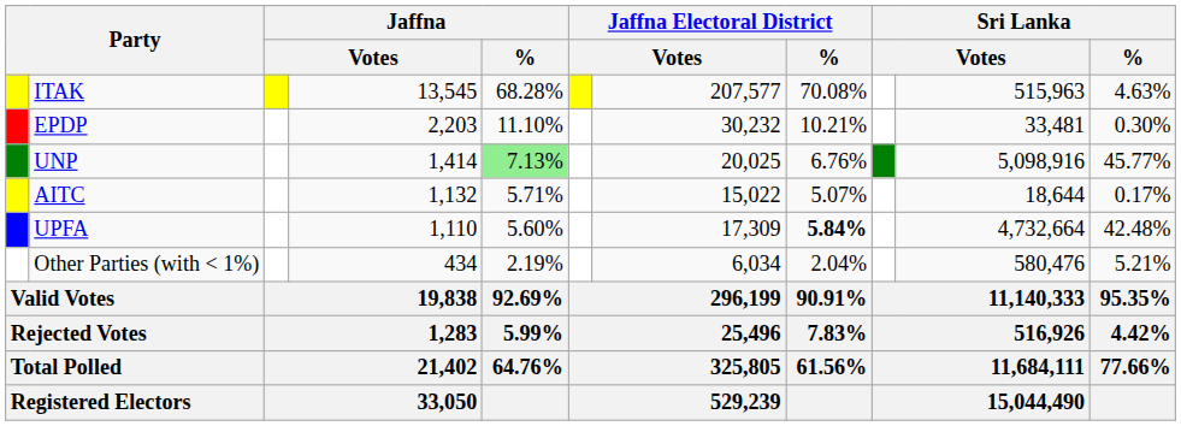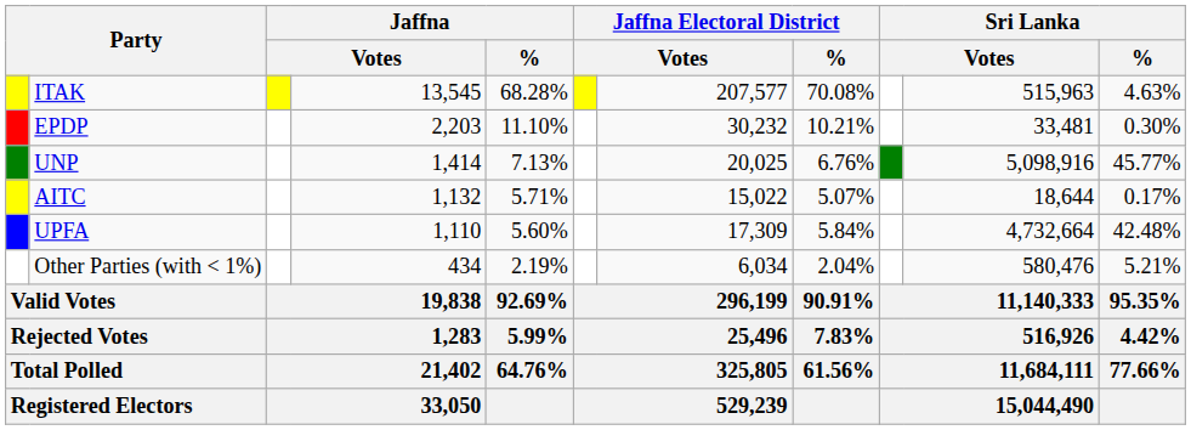 <table class="wikitable">
 <tr>
 <th colspan="2" width="144px"rowspan="2">Party</th>
 <th colspan="3" width="216px">Jaffna</th>
 <th colspan="3" width="216px"><a href='#'>Jaffna Electoral District</a></th>
 <th colspan="3" width="216px">Sri Lanka</th>
 </tr>
 <tr>
 <th colspan="2" width="144px">Votes</th>
 <th>%</th>
 <th colspan="2" width="144px">Votes</th>
 <th>%</th>
 <th colspan="2" width="144px">Votes</th>
 <th>%</th>
 </tr>
 <tr>
 <td style="background-color:yellow;" width="10px"></td>
 <td style="text-align:left;"><a href='#'>ITAK</a></td>
 <td style="background-color:yellow;" width="10px"></td>
 <td style="text-align:right;">13,545</td>
 <td style="text-align:right;">68.28%</td>
 <td style="background-color:yellow;" width="10px"></td>
 <td style="text-align:right;">207,577</td>
 <td style="text-align:right;">70.08%</td>
 <td style="background-color:white;" width="10px"></td>
 <td style="text-align:right;">515,963</td>
 <td style="text-align:right;">4.63%</td>
 </tr>
 <tr>
 <td style="background-color:red;" width="10px"></td>
 <td style="text-align:left;"><a href='#'>EPDP</a></td>
 <td style="background-color:white;" width="10px"></td>
 <td style="text-align:right;">2,203</td>
 <td style="text-align:right;">11.10%</td>
 <td style="background-color:white;" width="10px"></td>
 <td style="text-align:right;">30,232</td>
 <td style="text-align:right;">10.21%</td>
 <td style="background-color:white;" width="10px"></td>
 <td style="text-align:right;">33,481</td>
 <td style="text-align:right;">0.30%</td>
 </tr>
 <tr>
 <td style="background-color:green;" width="10px"></td>
 <td style="text-align:left;"><a href='#'>UNP</a></td>
 <td style="background-color:white;" width="10px"></td>
 <td style="text-align:right;">1,414</td>
-<td style="background: lightgreen; text-align:right;">7.13%</td>
+<td style="text-align:right;">7.13%</td>
 <td style="background-color:white;" width="10px"></td>
 <td style="text-align:right;">20,025</td>
 <td style="text-align:right;">6.76%</td>
 <td style="background-color:green;" width="10px"></td>
 <td style="text-align:right;">5,098,916</td>
 <td style="text-align:right;">45.77%</td>
 </tr>
 <tr>
 <td style="background-color:yellow;" width="10px"></td>
 <td style="text-align:left;"><a href='#'>AITC</a></td>
 <td style="background-color:white;" width="10px"></td>
 <td style="text-align:right;">1,132</td>
 <td style="text-align:right;">5.71%</td>
 <td style="background-color:white;" width="10px"></td>
 <td style="text-align:right;">15,022</td>
 <td style="text-align:right;">5.07%</td>
 <td style="background-color:white;" width="10px"></td>
 <td style="text-align:right;">18,644</td>
 <td style="text-align:right;">0.17%</td>
 </tr>
 <tr>
 <td style="background-color:blue;" width="10px"></td>
 <td style="text-align:left;"><a href='#'>UPFA</a></td>
 <td style="background-color:white;" width="10px"></td>
 <td style="text-align:right;">1,110</td>
 <td style="text-align:right;">5.60%</td>
 <td style="background-color:white;" width="10px"></td>
 <td style="text-align:right;">17,309</td>
-<td style="text-align:right;"><strong>5.84%</strong></td>
+<td style="text-align:right;">5.84%</td>
 <td style="background-color:white;" width="10px"></td>
 <td style="text-align:right;">4,732,664</td>
 <td style="text-align:right;">42.48%</td>
 </tr>
 <tr>
 <td style="background-color:white;" width="10px"></td>
 <td style="text-align:left;">Other Parties (with < 1%)</td>
 <td style="background-color:white;" width="10px"></td>
 <td style="text-align:right;">434</td>
 <td style="text-align:right;">2.19%</td>
 <td style="background-color:white;" width="10px"></td>
 <td style="text-align:right;">6,034</td>
 <td style="text-align:right;">2.04%</td>
 <td style="background-color:white;" width="10px"></td>
 <td style="text-align:right;">580,476</td>
 <td style="text-align:right;">5.21%</td>
 </tr>
 <tr>
 <th colspan="2" width="144px"style="text-align:left;">Valid Votes</th>
 <th style="text-align:right;"colspan="2" width="144px">19,838</th>
 <th style="text-align:right;">92.69%</th>
 <th style="text-align:right;"colspan="2" width="144px">296,199</th>
 <th style="text-align:right;">90.91%</th>
 <th style="text-align:right;"colspan="2" width="144px">11,140,333</th>
 <th style="text-align:right;">95.35%</th>
 </tr>
 <tr>
 <th colspan="2" width="144px"style="text-align:left;">Rejected Votes</th>
 <th style="text-align:right;"colspan="2" width="144px">1,283</th>
 <th style="text-align:right;">5.99%</th>
 <th style="text-align:right;"colspan="2" width="144px">25,496</th>
 <th style="text-align:right;">7.83%</th>
 <th style="text-align:right;"colspan="2" width="144px">516,926</th>
 <th style="text-align:right;">4.42%</th>
 </tr>
 <tr>
 <th colspan="2" width="144px"style="text-align:left;">Total Polled</th>
 <th style="text-align:right;"colspan="2" width="144px">21,402</th>
 <th style="text-align:right;">64.76%</th>
 <th style="text-align:right;"colspan="2" width="144px">325,805</th>
 <th style="text-align:right;">61.56%</th>
 <th style="text-align:right;"colspan="2" width="144px">11,684,111</th>
 <th style="text-align:right;">77.66%</th>
 </tr>
 <tr>
 <th colspan="2" width="144px"style="text-align:left;">Registered Electors</th>
 <th style="text-align:right;"colspan="2" width="144px">33,050</th>
 <th></th>
 <th style="text-align:right;"colspan="2" width="144px">529,239</th>
 <th></th>
 <th style="text-align:right;"colspan="2" width="144px">15,044,490</th>
 <th></th>
 </tr>
 </table>
